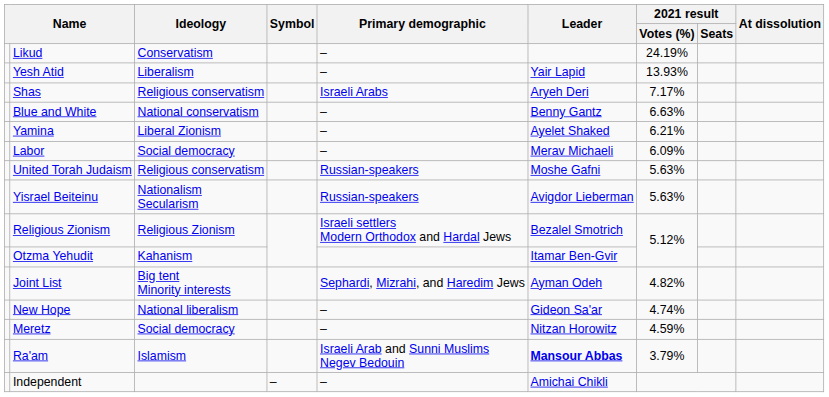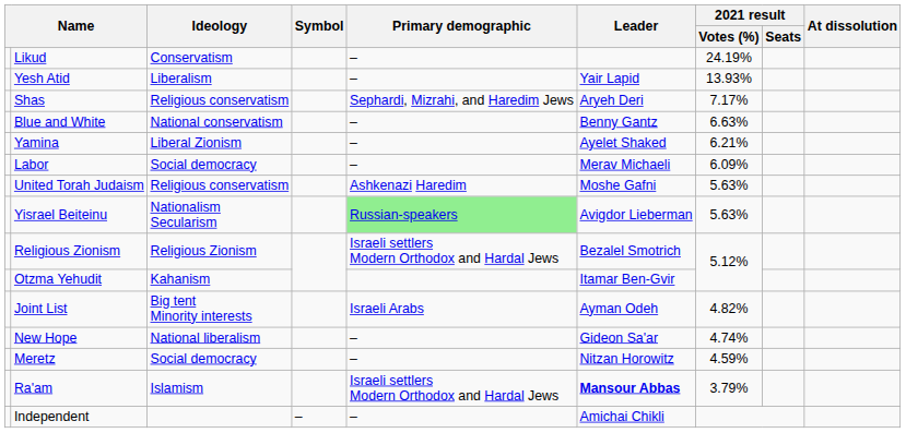 <table class="wikitable">
 <tr>
 <th rowspan="2" colspan=2>Name</th>
 <th rowspan="2">Ideology</th>
 <th rowspan="2">Symbol</th>
 <th rowspan="2">Primary demographic</th>
 <th rowspan="2">Leader</th>
 <th colspan="2">2021 result</th>
 <th rowspan="2">At dissolution</th>
 </tr>
 <tr>
 <th>Votes (%)</th>
 <th>Seats</th>
 </tr>
 <tr>
 <td style="background:"></td>
 <td><a href='#'>Likud</a></td>
 <td><a href='#'>Conservatism</a></td>
 <td align=center></td>
 <td>–</td>
 <td></td>
 <td style="text-align:center;">24.19%</td>
 <td></td>
 <td></td>
 </tr>
 <tr>
 <td style="background:"></td>
 <td><a href='#'>Yesh Atid</a></td>
 <td><a href='#'>Liberalism</a></td>
 <td style="text-align:center;"></td>
 <td>–</td>
 <td><a href='#'>Yair Lapid</a></td>
 <td style="text-align:center;">13.93%</td>
 <td></td>
 <td></td>
 </tr>
 <tr>
 <td style="background:"></td>
 <td><a href='#'>Shas</a></td>
 <td><a href='#'>Religious conservatism</a></td>
 <td align=center></td>
-<td><a href='#'>Israeli Arabs</a></td>
+<td><a href='#'>Sephardi</a>, <a href='#'>Mizrahi</a>, and <a href='#'>Haredim</a> Jews</td>
 <td><a href='#'>Aryeh Deri</a></td>
 <td style="text-align:center;">7.17%</td>
 <td></td>
 <td></td>
 </tr>
 <tr>
 <td style="background:"></td>
 <td><a href='#'>Blue and White</a></td>
 <td><a href='#'>National conservatism</a></td>
 <td style="text-align:center;"></td>
 <td>–</td>
 <td><a href='#'>Benny Gantz</a></td>
 <td style="text-align:center;">6.63%</td>
 <td></td>
 <td></td>
 </tr>
 <tr>
 <td style="background:"></td>
 <td><a href='#'>Yamina</a></td>
 <td><a href='#'>Liberal Zionism</a></td>
 <td style="text-align:center;"></td>
 <td>–</td>
 <td><a href='#'>Ayelet Shaked</a></td>
 <td style="text-align:center;">6.21%</td>
 <td></td>
 <td></td>
 </tr>
 <tr>
 <td style="background:"></td>
 <td><a href='#'>Labor</a></td>
 <td><a href='#'>Social democracy</a></td>
 <td style="text-align:center;"></td>
 <td>–</td>
 <td><a href='#'>Merav Michaeli</a></td>
 <td style="text-align:center;">6.09%</td>
 <td></td>
 <td></td>
 </tr>
 <tr>
 <td style="background:"></td>
 <td><a href='#'>United Torah Judaism</a></td>
 <td><a href='#'>Religious conservatism</a></td>
 <td style="text-align:center;"></td>
-<td><a href='#'>Russian-speakers</a></td>
+<td><a href='#'>Ashkenazi</a> <a href='#'>Haredim</a></td>
 <td><a href='#'>Moshe Gafni</a></td>
 <td style="text-align:center;">5.63%</td>
 <td></td>
 <td></td>
 </tr>
 <tr>
 <td style="background:"></td>
 <td><a href='#'>Yisrael Beiteinu</a></td>
 <td><a href='#'>Nationalism</a><br><a href='#'>Secularism</a></td>
 <td style="text-align:center;"></td>
-<td><a href='#'>Russian-speakers</a></td>
+<td style="background: lightgreen;"><a href='#'>Russian-speakers</a></td>
 <td><a href='#'>Avigdor Lieberman</a></td>
 <td style="text-align:center;">5.63%</td>
 <td></td>
 <td></td>
 </tr>
 <tr>
 <td style="background:"></td>
 <td><a href='#'>Religious Zionism</a></td>
 <td><a href='#'>Religious Zionism</a></td>
 <td style="text-align:center;" rowspan=2></td>
 <td><a href='#'>Israeli settlers</a><br><a href='#'>Modern Orthodox</a> and <a href='#'>Hardal</a> Jews</td>
 <td><a href='#'>Bezalel Smotrich</a></td>
 <td style="text-align:center;" rowspan=2>5.12%</td>
 <td></td>
 <td></td>
 </tr>
 <tr>
 <td style="background:"></td>
 <td><a href='#'>Otzma Yehudit</a></td>
 <td><a href='#'>Kahanism</a></td>
 <td></td>
 <td><a href='#'>Itamar Ben-Gvir</a></td>
 <td></td>
 <td></td>
 </tr>
 <tr>
 <td style="background:"></td>
 <td><a href='#'>Joint List</a></td>
 <td><a href='#'>Big tent</a><br><a href='#'>Minority interests</a></td>
 <td style="text-align:center;"></td>
-<td><a href='#'>Sephardi</a>, <a href='#'>Mizrahi</a>, and <a href='#'>Haredim</a> Jews</td>
+<td><a href='#'>Israeli Arabs</a></td>
 <td><a href='#'>Ayman Odeh</a></td>
 <td style="text-align:center;">4.82%</td>
 <td></td>
 <td></td>
 </tr>
 <tr>
 <td style="background:"></td>
 <td><a href='#'>New Hope</a></td>
 <td><a href='#'>National liberalism</a></td>
 <td style="text-align:center;"></td>
 <td>–</td>
 <td><a href='#'>Gideon Sa'ar</a></td>
 <td style="text-align:center;">4.74%</td>
 <td></td>
 <td></td>
 </tr>
 <tr>
 <td style="background:"></td>
 <td><a href='#'>Meretz</a></td>
 <td><a href='#'>Social democracy</a></td>
 <td style="text-align:center;"></td>
 <td>–</td>
 <td><a href='#'>Nitzan Horowitz</a></td>
 <td style="text-align:center;">4.59%</td>
 <td></td>
 <td></td>
 </tr>
 <tr>
 <td style="background:"></td>
 <td><a href='#'>Ra'am</a></td>
 <td><a href='#'>Islamism</a></td>
 <td style="text-align:center;"></td>
-<td><a href='#'>Israeli Arab</a> and <a href='#'>Sunni Muslims</a><br><a href='#'>Negev Bedouin</a></td>
+<td><a href='#'>Israeli settlers</a><br><a href='#'>Modern Orthodox</a> and <a href='#'>Hardal</a> Jews</td>
 <td><strong><a href='#'>Mansour Abbas</a></strong></td>
 <td style="text-align:center;">3.79%</td>
 <td></td>
 <td></td>
 </tr>
 <tr>
 <td style="background:"></td>
 <td>Independent</td>
 <td></td>
 <td>–</td>
 <td>–</td>
 <td><a href='#'>Amichai Chikli</a></td>
 <td colspan="2"></td>
 <td></td>
 </tr>
 </table>
